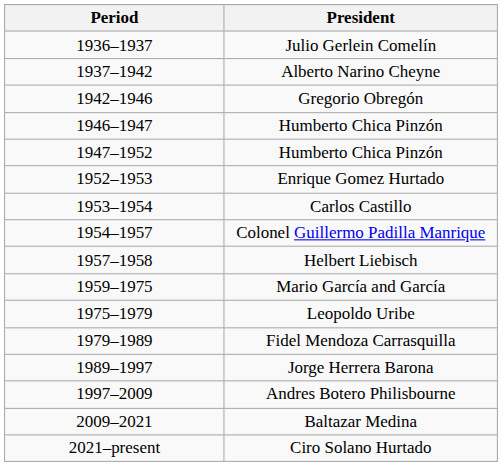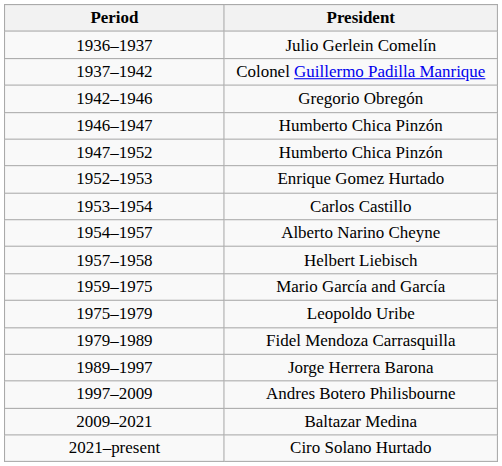 <table class = "wikitable" border = "2" style ="text-align: center"}>
 <tr>
 </tr>
 <tr bgcolor = "#efefef">
 <th width = 200>Period</th>
 <th width = 250>President</th>
 </tr>
 <tr align = "center">
 <td>1936–1937</td>
 <td>Julio Gerlein Comelín</td>
 </tr>
 <tr align = "center">
 <td>1937–1942</td>
-<td>Alberto Narino Cheyne</td>
+<td>Colonel <a href='#'>Guillermo Padilla Manrique</a></td>
 </tr>
 <tr align = "center">
 <td>1942–1946</td>
 <td>Gregorio Obregón</td>
 </tr>
 <tr align = "center">
 <td>1946–1947</td>
 <td>Humberto Chica Pinzón</td>
 </tr>
 <tr align = "center">
 <td>1947–1952</td>
 <td>Humberto Chica Pinzón</td>
 </tr>
 <tr align = "center">
 <td>1952–1953</td>
 <td>Enrique Gomez Hurtado</td>
 </tr>
 <tr align = "center">
 <td>1953–1954</td>
 <td>Carlos Castillo</td>
 </tr>
 <tr align = "center">
 <td>1954–1957</td>
-<td>Colonel <a href='#'>Guillermo Padilla Manrique</a></td>
+<td>Alberto Narino Cheyne</td>
 </tr>
 <tr align = "center">
 <td>1957–1958</td>
 <td>Helbert Liebisch</td>
 </tr>
 <tr align = "center">
 <td>1959–1975</td>
 <td>Mario García and García</td>
 </tr>
 <tr align = "center">
 <td>1975–1979</td>
 <td>Leopoldo Uribe</td>
 </tr>
 <tr align = "center">
 <td>1979–1989</td>
 <td>Fidel Mendoza Carrasquilla</td>
 </tr>
 <tr align = "center">
 <td>1989–1997</td>
 <td>Jorge Herrera Barona</td>
 </tr>
 <tr align = "center">
 <td>1997–2009</td>
 <td>Andres Botero Philisbourne</td>
 </tr>
 <tr align = "center">
 <td>2009–2021</td>
 <td>Baltazar Medina</td>
 </tr>
 <tr align = "center">
 <td>2021–present</td>
 <td>Ciro Solano Hurtado</td>
 </tr>
 </table>
